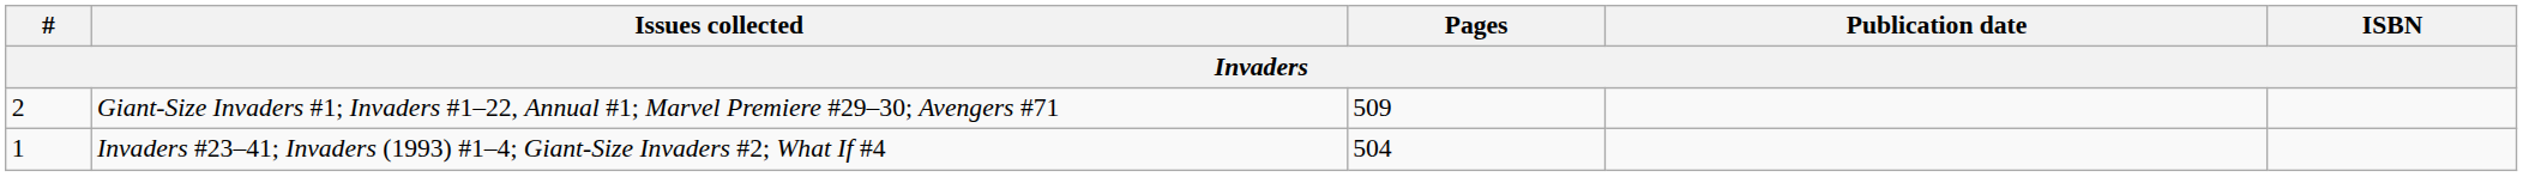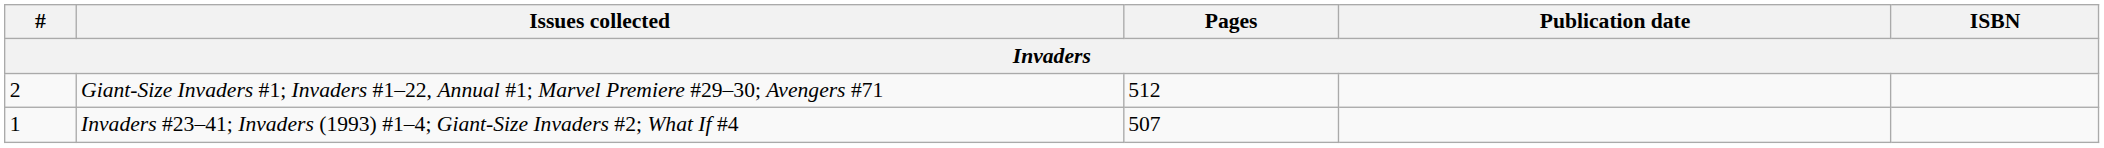 <table class="wikitable sortable" width=98%>
 <tr>
 <th class="unsortable">#</th>
 <th class="unsortable" width="50%">Issues collected</th>
 <th>Pages</th>
 <th>Publication date</th>
 <th class="unsortable">ISBN</th>
 </tr>
 <tr>
 <th colspan="5"><strong><em>Invaders</em></strong></th>
 </tr>
 <tr>
 <td>2</td>
 <td><em>Giant-Size Invaders</em> #1; <em>Invaders</em> #1–22, <em>Annual</em> #1; <em>Marvel Premiere</em> #29–30; <em>Avengers</em> #71</td>
-<td>509</td>
+<td>512</td>
 <td></td>
 <td></td>
 </tr>
 <tr>
 <td>1</td>
 <td><em>Invaders</em> #23–41; <em>Invaders</em> (1993) #1–4; <em>Giant-Size Invaders</em> #2; <em>What If</em> #4</td>
-<td>504</td>
+<td>507</td>
 <td></td>
 <td></td>
 </tr>
 </table>
